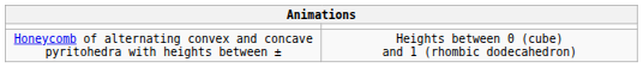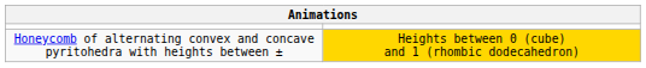 <table class="wikitable collapsible collapsed" style="text-align: center;">
 <tr>
 <th colspan="2">Animations</th>
 </tr>
 <tr style="background-color: white;">
 <td style="width: 350px;"></td>
 <td style="width: 350px;"></td>
 </tr>
 <tr>
 <td><a href='#'>Honeycomb</a> of alternating convex and concave pyritohedra with heights between ±</td>
-<td>Heights between 0 (cube)<br>and 1 (rhombic dodecahedron)</td>
+<td style="background: gold;">Heights between 0 (cube)<br>and 1 (rhombic dodecahedron)</td>
 </tr>
 </table>
